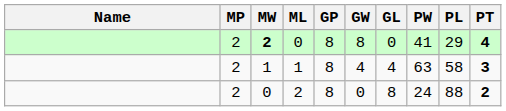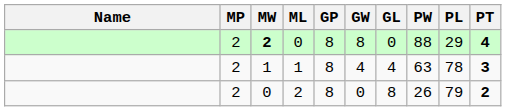 <table class=wikitable style="text-align:center">
 <tr>
 <th width=175>Name</th>
 <th width=20>MP</th>
 <th width=20>MW</th>
 <th width=20>ML</th>
 <th width=20>GP</th>
 <th width=20>GW</th>
 <th width=20>GL</th>
 <th width=20>PW</th>
 <th width=20>PL</th>
 <th width=20>PT</th>
 </tr>
 <tr style="background-color:#ccffcc;">
 <td style="text-align:left;"><strong></strong></td>
 <td>2</td>
 <td><strong>2</strong></td>
 <td>0</td>
 <td>8</td>
 <td>8</td>
 <td>0</td>
-<td>41</td>
+<td>88</td>
 <td>29</td>
 <td><strong>4</strong></td>
 </tr>
 <tr>
 <td style="text-align:left;"></td>
 <td>2</td>
 <td>1</td>
 <td>1</td>
 <td>8</td>
 <td>4</td>
 <td>4</td>
 <td>63</td>
-<td>58</td>
+<td>78</td>
 <td><strong>3</strong></td>
 </tr>
 <tr>
 <td style="text-align:left;"></td>
 <td>2</td>
 <td>0</td>
 <td>2</td>
 <td>8</td>
 <td>0</td>
 <td>8</td>
-<td>24</td>
-<td>88</td>
+<td>26</td>
+<td>79</td>
 <td><strong>2</strong></td>
 </tr>
 </table>
